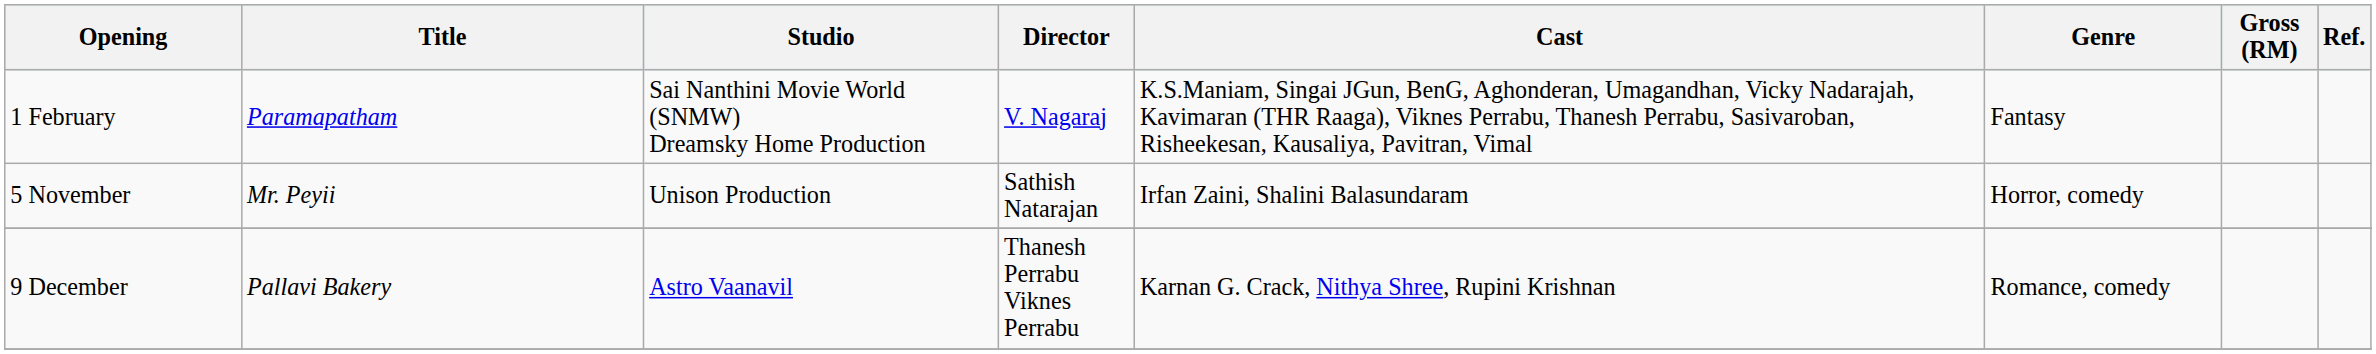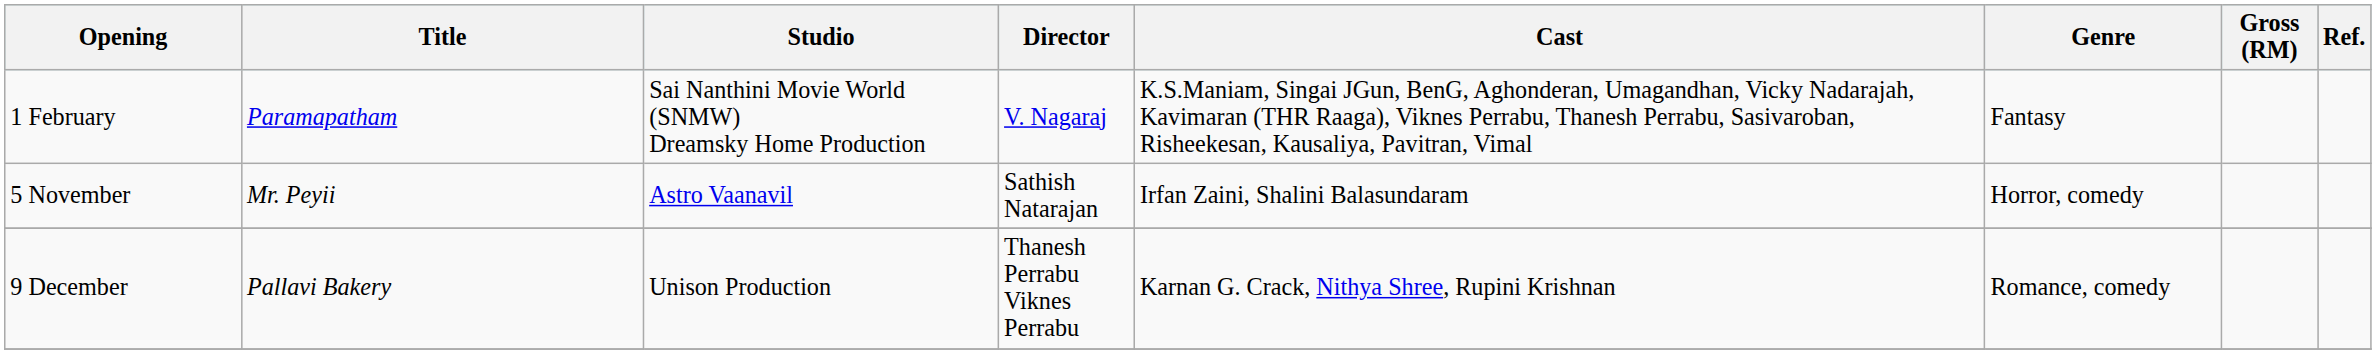 <table class="wikitable">
 <tr style="background:#b0e0e6; text-align:center;">
 <th style="width:10%;">Opening</th>
 <th style="width:17%;">Title</th>
 <th style="width:15%;">Studio</th>
 <th>Director</th>
 <th>Cast</th>
 <th style="width:10%;">Genre</th>
 <th>Gross (RM)</th>
 <th>Ref.</th>
 </tr>
 <tr>
 <td>1 February</td>
 <td><em><a href='#'>Paramapatham</a></em></td>
 <td>Sai Nanthini Movie World (SNMW)<br>Dreamsky Home Production</td>
 <td><a href='#'>V. Nagaraj</a></td>
 <td>K.S.Maniam, Singai JGun, BenG, Aghonderan, Umagandhan, Vicky Nadarajah, Kavimaran (THR Raaga), Viknes Perrabu, Thanesh Perrabu, Sasivaroban, Risheekesan, Kausaliya, Pavitran, Vimal</td>
 <td>Fantasy</td>
 <td></td>
 <td></td>
 </tr>
 <tr>
 <td>5 November</td>
 <td><em>Mr. Peyii</em></td>
-<td>Unison Production</td>
+<td><a href='#'>Astro Vaanavil</a></td>
 <td>Sathish Natarajan</td>
 <td>Irfan Zaini, Shalini Balasundaram</td>
 <td>Horror, comedy</td>
 <td></td>
 <td></td>
 </tr>
 <tr>
 </tr>
 <tr>
 <td>9 December</td>
 <td><em>Pallavi Bakery</em></td>
-<td><a href='#'>Astro Vaanavil</a></td>
+<td>Unison Production</td>
 <td>Thanesh Perrabu<br>Viknes Perrabu</td>
 <td>Karnan G. Crack, <a href='#'>Nithya Shree</a>, Rupini Krishnan</td>
 <td>Romance, comedy</td>
 <td></td>
 <td></td>
 </tr>
 <tr>
 </tr>
 </table>
